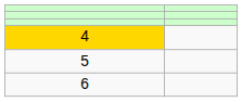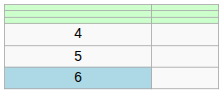 <table class="wikitable" width="250px">
 <tr bgcolor=#ccffcc>
 <td align=center></td>
 <td></td>
 </tr>
 <tr bgcolor=#ccffcc>
 <td align=center></td>
 <td></td>
 </tr>
 <tr bgcolor=#ccffcc>
 <td align=center></td>
 <td></td>
 </tr>
 <tr>
-<td align=center style="background: gold;">4</td>
+<td align=center>4</td>
 <td></td>
 </tr>
 <tr>
 <td align=center>5</td>
 <td></td>
 </tr>
 <tr>
-<td align=center>6</td>
+<td align=center style="background: lightblue;">6</td>
 <td></td>
 </tr>
 </table>
